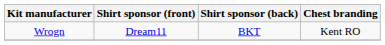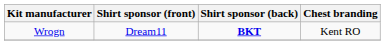 <table class="wikitable" style="text-align:center">
 <tr>
 <th>Kit manufacturer</th>
 <th>Shirt sponsor (front)</th>
 <th>Shirt sponsor (back)</th>
 <th>Chest branding</th>
 </tr>
 <tr>
 <td><a href='#'>Wrogn</a></td>
 <td><a href='#'>Dream11</a></td>
-<td><a href='#'>BKT</a></td>
+<td><strong><a href='#'>BKT</a></strong></td>
 <td>Kent RO</td>
 </tr>
 <tr>
 </tr>
 </table>
